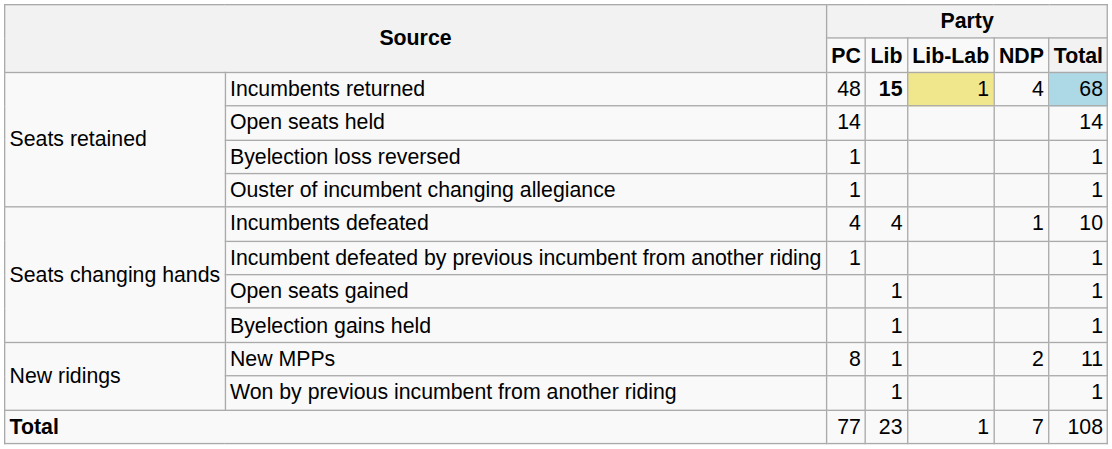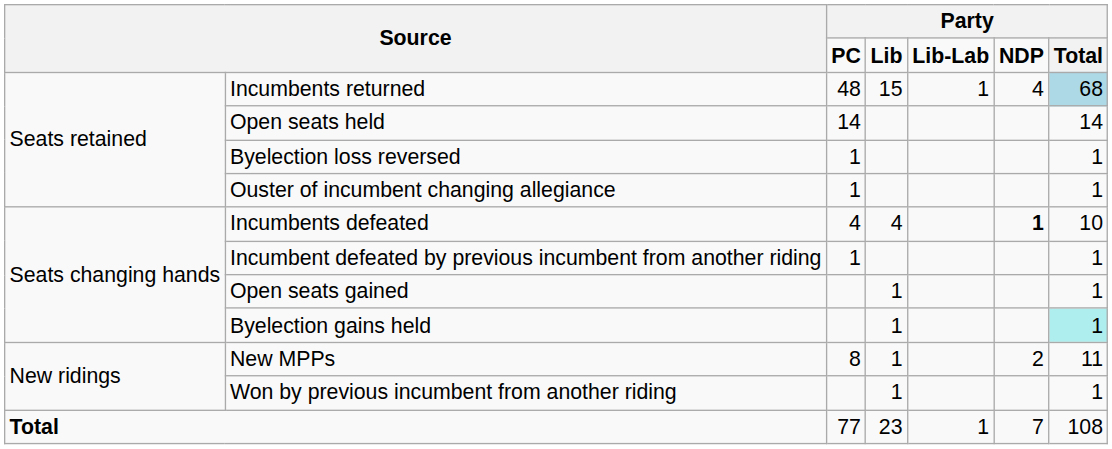 <table class="wikitable" style="text-align:right;">
 <tr>
 <th colspan="2" rowspan="2">Source</th>
 <th colspan="5">Party</th>
 </tr>
 <tr>
 <td><strong>PC</strong></td>
 <td><strong>Lib</strong></td>
 <td><strong>Lib-Lab</strong></td>
 <td><strong>NDP</strong></td>
 <th>Total</th>
 </tr>
 <tr>
 <td rowspan="4" style="text-align:left;">Seats retained</td>
 <td style="text-align:left;">Incumbents returned</td>
 <td>48</td>
-<td><strong>15</strong></td>
-<td style="background: khaki;">1</td>
+<td>15</td>
+<td>1</td>
 <td>4</td>
 <td style="background: lightblue;">68</td>
 </tr>
 <tr>
 <td style="text-align:left;">Open seats held</td>
 <td>14</td>
 <td></td>
 <td></td>
 <td></td>
 <td>14</td>
 </tr>
 <tr>
 <td style="text-align:left;">Byelection loss reversed</td>
 <td>1</td>
 <td></td>
 <td></td>
 <td></td>
 <td>1</td>
 </tr>
 <tr>
 <td style="text-align:left;">Ouster of incumbent changing allegiance</td>
 <td>1</td>
 <td></td>
 <td></td>
 <td></td>
 <td>1</td>
 </tr>
 <tr>
 <td rowspan="4" style="text-align:left;">Seats changing hands</td>
 <td style="text-align:left;">Incumbents defeated</td>
 <td>4</td>
 <td>4</td>
 <td></td>
-<td>1</td>
+<td><strong>1</strong></td>
 <td>10</td>
 </tr>
 <tr>
 <td style="text-align:left;">Incumbent defeated by previous incumbent from another riding</td>
 <td>1</td>
 <td></td>
 <td></td>
 <td></td>
 <td>1</td>
 </tr>
 <tr>
 <td style="text-align:left;">Open seats gained</td>
 <td></td>
 <td>1</td>
 <td></td>
 <td></td>
 <td>1</td>
 </tr>
 <tr>
 <td style="text-align:left;">Byelection gains held</td>
 <td></td>
 <td>1</td>
 <td></td>
 <td></td>
-<td>1</td>
+<td style="background: paleturquoise;">1</td>
 </tr>
 <tr>
 <td rowspan="2" style="text-align:left;">New ridings</td>
 <td style="text-align:left;">New MPPs</td>
 <td>8</td>
 <td>1</td>
 <td></td>
 <td>2</td>
 <td>11</td>
 </tr>
 <tr>
 <td style="text-align:left;">Won by previous incumbent from another riding</td>
 <td></td>
 <td>1</td>
 <td></td>
 <td></td>
 <td>1</td>
 </tr>
 <tr>
 <td colspan="2" style="text-align:left;"><strong>Total</strong></td>
 <td>77</td>
 <td>23</td>
 <td>1</td>
 <td>7</td>
 <td>108</td>
 </tr>
 </table>
